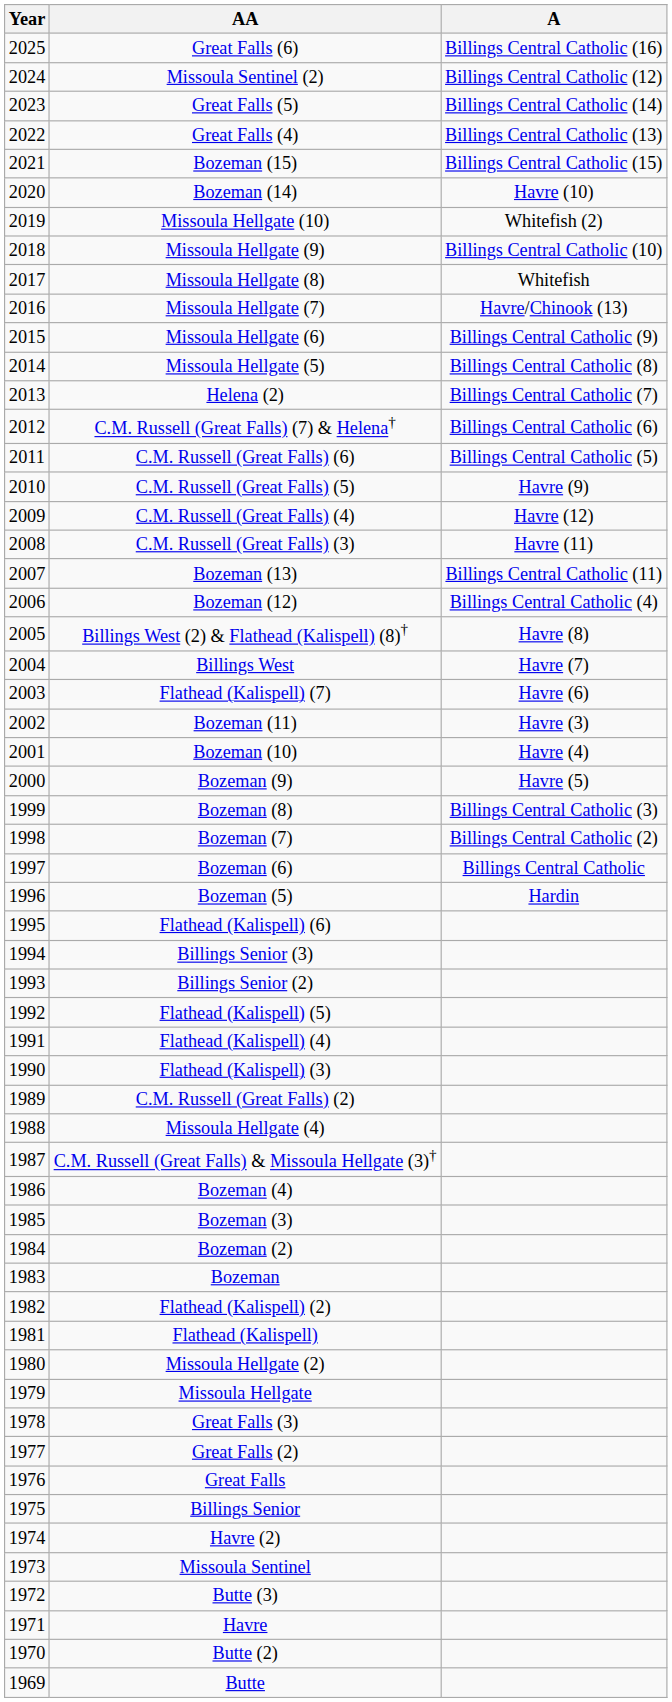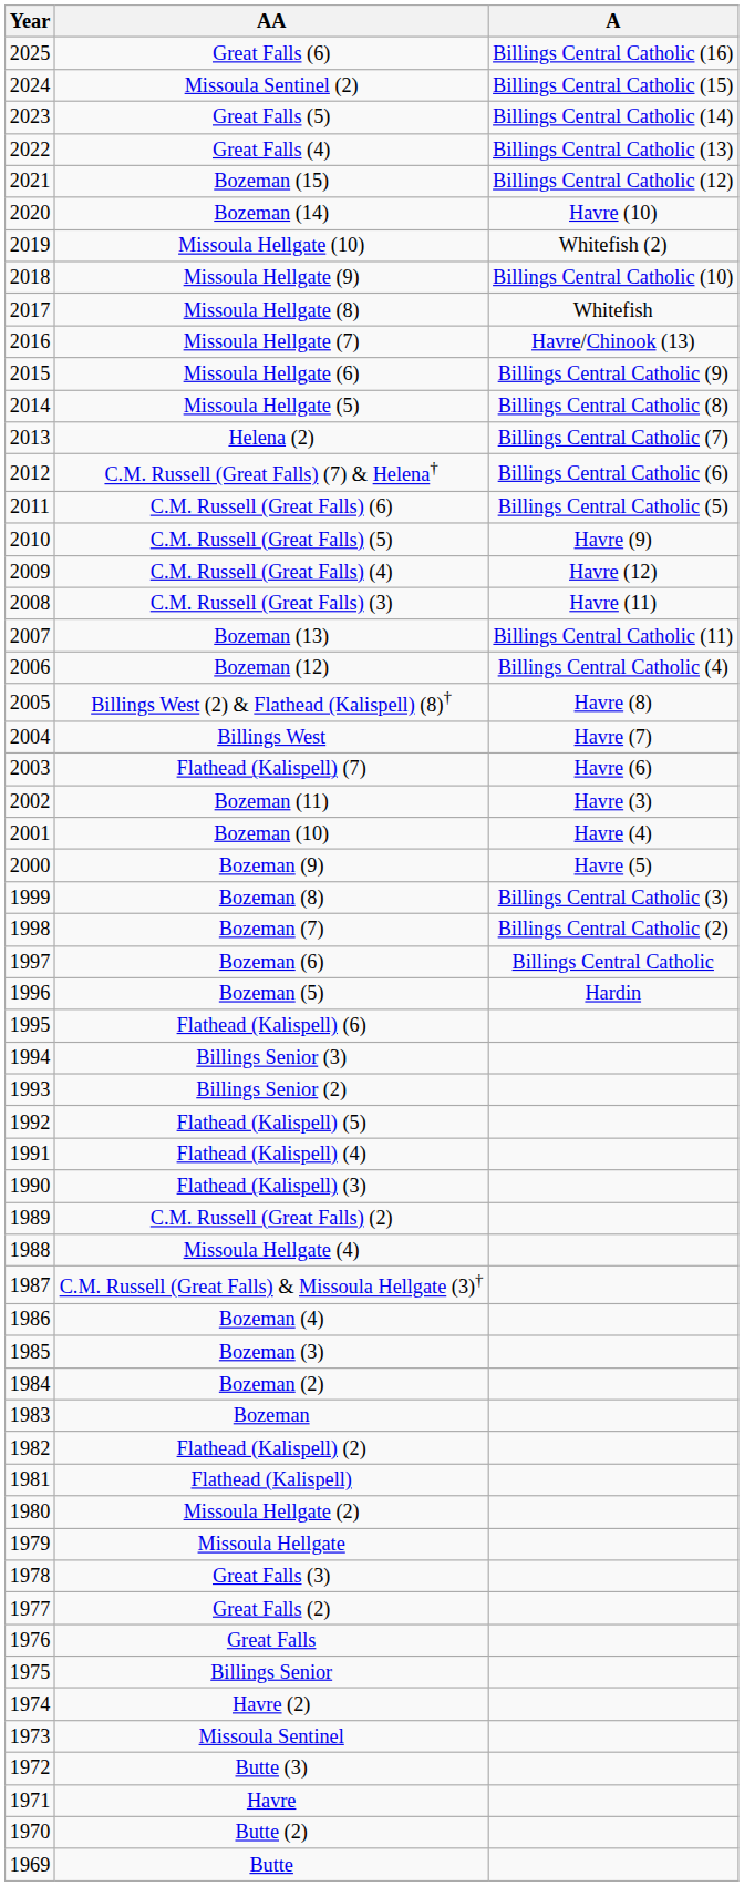 <table class="wikitable" style="text-align:center">
 <tr>
 <th>Year</th>
 <th>AA</th>
 <th>A</th>
 </tr>
 <tr>
 <td>2025</td>
 <td><a href='#'>Great Falls</a> (6)</td>
 <td><a href='#'>Billings Central Catholic</a> (16)</td>
 </tr>
 <tr>
 <td>2024</td>
 <td><a href='#'>Missoula Sentinel</a> (2)</td>
-<td><a href='#'>Billings Central Catholic</a> (12)</td>
+<td><a href='#'>Billings Central Catholic</a> (15)</td>
 </tr>
 <tr>
 <td>2023</td>
 <td><a href='#'>Great Falls</a> (5)</td>
 <td><a href='#'>Billings Central Catholic</a> (14)</td>
 </tr>
 <tr>
 <td>2022</td>
 <td><a href='#'>Great Falls</a> (4)</td>
 <td><a href='#'>Billings Central Catholic</a> (13)</td>
 </tr>
 <tr>
 <td>2021</td>
 <td><a href='#'>Bozeman</a> (15)</td>
-<td><a href='#'>Billings Central Catholic</a> (15)</td>
+<td><a href='#'>Billings Central Catholic</a> (12)</td>
 </tr>
 <tr>
 <td>2020</td>
 <td><a href='#'>Bozeman</a> (14)</td>
 <td><a href='#'>Havre</a> (10)</td>
 </tr>
 <tr>
 <td>2019</td>
 <td><a href='#'>Missoula Hellgate</a> (10)</td>
 <td>Whitefish (2)</td>
 </tr>
 <tr>
 <td>2018</td>
 <td><a href='#'>Missoula Hellgate</a> (9)</td>
 <td><a href='#'>Billings Central Catholic</a> (10)</td>
 </tr>
 <tr>
 <td>2017</td>
 <td><a href='#'>Missoula Hellgate</a> (8)</td>
 <td>Whitefish</td>
 </tr>
 <tr>
 <td>2016</td>
 <td><a href='#'>Missoula Hellgate</a> (7)</td>
 <td><a href='#'>Havre</a>/<a href='#'>Chinook</a> (13)</td>
 </tr>
 <tr>
 <td>2015</td>
 <td><a href='#'>Missoula Hellgate</a> (6)</td>
 <td><a href='#'>Billings Central Catholic</a> (9)</td>
 </tr>
 <tr>
 <td>2014</td>
 <td><a href='#'>Missoula Hellgate</a> (5)</td>
 <td><a href='#'>Billings Central Catholic</a> (8)</td>
 </tr>
 <tr>
 <td>2013</td>
 <td><a href='#'>Helena</a> (2)</td>
 <td><a href='#'>Billings Central Catholic</a> (7)</td>
 </tr>
 <tr>
 <td>2012</td>
 <td><a href='#'>C.M. Russell (Great Falls)</a> (7) & <a href='#'>Helena</a><sup>†</sup></td>
 <td><a href='#'>Billings Central Catholic</a> (6)</td>
 </tr>
 <tr>
 <td>2011</td>
 <td><a href='#'>C.M. Russell (Great Falls)</a> (6)</td>
 <td><a href='#'>Billings Central Catholic</a> (5)</td>
 </tr>
 <tr>
 <td>2010</td>
 <td><a href='#'>C.M. Russell (Great Falls)</a> (5)</td>
 <td><a href='#'>Havre</a> (9)</td>
 </tr>
 <tr>
 <td>2009</td>
 <td><a href='#'>C.M. Russell (Great Falls)</a> (4)</td>
 <td><a href='#'>Havre</a> (12)</td>
 </tr>
 <tr>
 <td>2008</td>
 <td><a href='#'>C.M. Russell (Great Falls)</a> (3)</td>
 <td><a href='#'>Havre</a> (11)</td>
 </tr>
 <tr>
 <td>2007</td>
 <td><a href='#'>Bozeman</a> (13)</td>
 <td><a href='#'>Billings Central Catholic</a> (11)</td>
 </tr>
 <tr>
 <td>2006</td>
 <td><a href='#'>Bozeman</a> (12)</td>
 <td><a href='#'>Billings Central Catholic</a> (4)</td>
 </tr>
 <tr>
 <td>2005</td>
 <td><a href='#'>Billings West</a> (2) & <a href='#'>Flathead (Kalispell)</a> (8)<sup>†</sup></td>
 <td><a href='#'>Havre</a> (8)</td>
 </tr>
 <tr>
 <td>2004</td>
 <td><a href='#'>Billings West</a></td>
 <td><a href='#'>Havre</a> (7)</td>
 </tr>
 <tr>
 <td>2003</td>
 <td><a href='#'>Flathead (Kalispell)</a> (7)</td>
 <td><a href='#'>Havre</a> (6)</td>
 </tr>
 <tr>
 <td>2002</td>
 <td><a href='#'>Bozeman</a> (11)</td>
 <td><a href='#'>Havre</a> (3)</td>
 </tr>
 <tr>
 <td>2001</td>
 <td><a href='#'>Bozeman</a> (10)</td>
 <td><a href='#'>Havre</a> (4)</td>
 </tr>
 <tr>
 <td>2000</td>
 <td><a href='#'>Bozeman</a> (9)</td>
 <td><a href='#'>Havre</a> (5)</td>
 </tr>
 <tr>
 <td>1999</td>
 <td><a href='#'>Bozeman</a> (8)</td>
 <td><a href='#'>Billings Central Catholic</a> (3)</td>
 </tr>
 <tr>
 <td>1998</td>
 <td><a href='#'>Bozeman</a> (7)</td>
 <td><a href='#'>Billings Central Catholic</a> (2)</td>
 </tr>
 <tr>
 <td>1997</td>
 <td><a href='#'>Bozeman</a> (6)</td>
 <td><a href='#'>Billings Central Catholic</a></td>
 </tr>
 <tr>
 <td>1996</td>
 <td><a href='#'>Bozeman</a> (5)</td>
 <td><a href='#'>Hardin</a></td>
 </tr>
 <tr>
 <td>1995</td>
 <td><a href='#'>Flathead (Kalispell)</a> (6)</td>
 <td></td>
 </tr>
 <tr>
 <td>1994</td>
 <td><a href='#'>Billings Senior</a> (3)</td>
 <td></td>
 </tr>
 <tr>
 <td>1993</td>
 <td><a href='#'>Billings Senior</a> (2)</td>
 <td></td>
 </tr>
 <tr>
 <td>1992</td>
 <td><a href='#'>Flathead (Kalispell)</a> (5)</td>
 <td></td>
 </tr>
 <tr>
 <td>1991</td>
 <td><a href='#'>Flathead (Kalispell)</a> (4)</td>
 <td></td>
 </tr>
 <tr>
 <td>1990</td>
 <td><a href='#'>Flathead (Kalispell)</a> (3)</td>
 <td></td>
 </tr>
 <tr>
 <td>1989</td>
 <td><a href='#'>C.M. Russell (Great Falls)</a> (2)</td>
 <td></td>
 </tr>
 <tr>
 <td>1988</td>
 <td><a href='#'>Missoula Hellgate</a> (4)</td>
 <td></td>
 </tr>
 <tr>
 <td>1987</td>
 <td><a href='#'>C.M. Russell (Great Falls)</a> & <a href='#'>Missoula Hellgate</a> (3)<sup>†</sup></td>
 <td></td>
 </tr>
 <tr>
 <td>1986</td>
 <td><a href='#'>Bozeman</a> (4)</td>
 <td></td>
 </tr>
 <tr>
 <td>1985</td>
 <td><a href='#'>Bozeman</a> (3)</td>
 <td></td>
 </tr>
 <tr>
 <td>1984</td>
 <td><a href='#'>Bozeman</a> (2)</td>
 <td></td>
 </tr>
 <tr>
 <td>1983</td>
 <td><a href='#'>Bozeman</a></td>
 <td></td>
 </tr>
 <tr>
 <td>1982</td>
 <td><a href='#'>Flathead (Kalispell)</a> (2)</td>
 <td></td>
 </tr>
 <tr>
 <td>1981</td>
 <td><a href='#'>Flathead (Kalispell)</a></td>
 <td></td>
 </tr>
 <tr>
 <td>1980</td>
 <td><a href='#'>Missoula Hellgate</a> (2)</td>
 <td></td>
 </tr>
 <tr>
 <td>1979</td>
 <td><a href='#'>Missoula Hellgate</a></td>
 <td></td>
 </tr>
 <tr>
 <td>1978</td>
 <td><a href='#'>Great Falls</a> (3)</td>
 <td></td>
 </tr>
 <tr>
 <td>1977</td>
 <td><a href='#'>Great Falls</a> (2)</td>
 <td></td>
 </tr>
 <tr>
 <td>1976</td>
 <td><a href='#'>Great Falls</a></td>
 <td></td>
 </tr>
 <tr>
 <td>1975</td>
 <td><a href='#'>Billings Senior</a></td>
 <td></td>
 </tr>
 <tr>
 <td>1974</td>
 <td><a href='#'>Havre</a> (2)</td>
 <td></td>
 </tr>
 <tr>
 <td>1973</td>
 <td><a href='#'>Missoula Sentinel</a></td>
 <td></td>
 </tr>
 <tr>
 <td>1972</td>
 <td><a href='#'>Butte</a> (3)</td>
 <td></td>
 </tr>
 <tr>
 <td>1971</td>
 <td><a href='#'>Havre</a></td>
 <td></td>
 </tr>
 <tr>
 <td>1970</td>
 <td><a href='#'>Butte</a> (2)</td>
 <td></td>
 </tr>
 <tr>
 <td>1969</td>
 <td><a href='#'>Butte</a></td>
 <td></td>
 </tr>
 </table>
